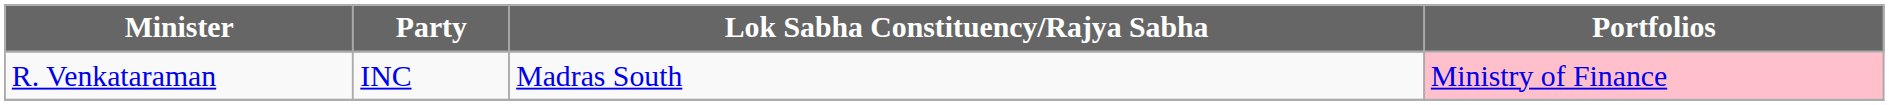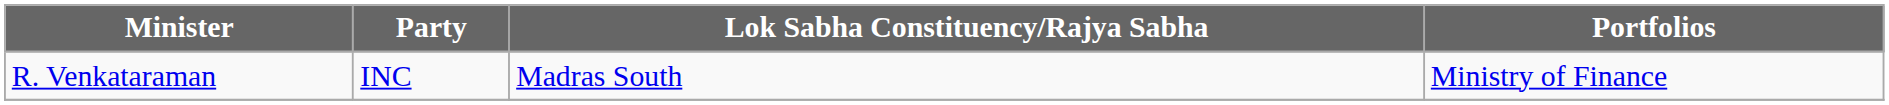 <table class="wikitable" width="80%" style="font-size: x-big; font-family: verdana">
 <tr>
 <th style="background-color:#666666; color:white; width:180px">Minister</th>
 <th style="background-color:#666666; color:white">Party</th>
 <th style="background-color:#666666; color:white">Lok Sabha Constituency/Rajya Sabha</th>
 <th style="background-color:#666666; color:white">Portfolios</th>
 </tr>
 <tr -->
 <td><a href='#'>R. Venkataraman</a></td>
 <td><a href='#'>INC</a></td>
 <td><a href='#'>Madras South</a></td>
-<td style="background: pink;"><a href='#'>Ministry of Finance</a></td>
+<td><a href='#'>Ministry of Finance</a></td>
 </tr>
 <tr -->
 </tr>
 </table>
